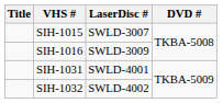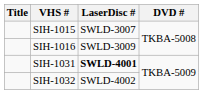 <table class="wikitable" style="text-align:left">
 <tr>
 <th>Title</th>
 <th>VHS #</th>
 <th>LaserDisc #</th>
 <th>DVD #</th>
 </tr>
 <tr>
 <td></td>
 <td>SIH-1015</td>
 <td>SWLD-3007</td>
 <td rowspan=2>TKBA-5008</td>
 </tr>
 <tr>
 <td></td>
 <td>SIH-1016</td>
 <td>SWLD-3009</td>
 </tr>
 <tr>
 <td></td>
 <td>SIH-1031</td>
-<td>SWLD-4001</td>
+<td><strong>SWLD-4001</strong></td>
 <td rowspan=2>TKBA-5009</td>
 </tr>
 <tr>
 <td></td>
 <td>SIH-1032</td>
 <td>SWLD-4002</td>
 </tr>
 </table>
